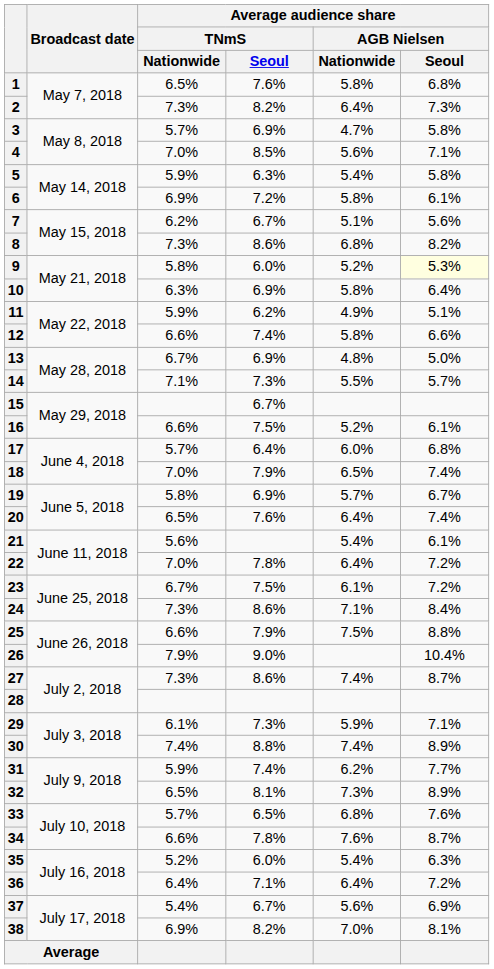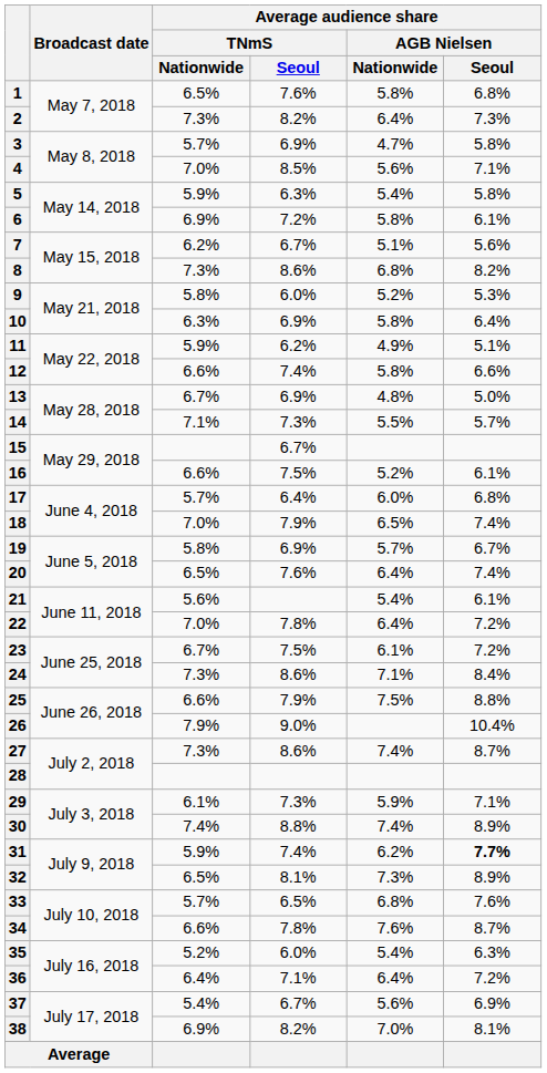 <table class="wikitable" style="text-align:center">
 <tr>
 <th rowspan="3"></th>
 <th rowspan="3">Broadcast date</th>
 <th colspan="4">Average audience share</th>
 </tr>
 <tr>
 <th colspan="2">TNmS</th>
 <th colspan="2">AGB Nielsen</th>
 </tr>
 <tr>
 <th width="90">Nationwide</th>
 <th width="90"><a href='#'>Seoul</a></th>
 <th width="90">Nationwide</th>
 <th width="90">Seoul</th>
 </tr>
 <tr>
 <th>1</th>
 <td rowspan="2">May 7, 2018</td>
 <td>6.5% </td>
 <td>7.6%</td>
 <td>5.8% </td>
 <td>6.8% </td>
 </tr>
 <tr>
 <th>2</th>
 <td>7.3% </td>
 <td>8.2%</td>
 <td>6.4% </td>
 <td>7.3% </td>
 </tr>
 <tr>
 <th>3</th>
 <td rowspan="2">May 8, 2018</td>
 <td>5.7% </td>
 <td>6.9%</td>
 <td>4.7% </td>
 <td>5.8% </td>
 </tr>
 <tr>
 <th>4</th>
 <td>7.0% </td>
 <td>8.5%</td>
 <td>5.6% </td>
 <td>7.1% </td>
 </tr>
 <tr>
 <th>5</th>
 <td rowspan="2">May 14, 2018</td>
 <td>5.9% </td>
 <td>6.3%</td>
 <td>5.4% </td>
 <td>5.8% </td>
 </tr>
 <tr>
 <th>6</th>
 <td>6.9% </td>
 <td>7.2%</td>
 <td>5.8% </td>
 <td>6.1% </td>
 </tr>
 <tr>
 <th>7</th>
 <td rowspan="2">May 15, 2018</td>
 <td>6.2% </td>
 <td>6.7%</td>
 <td>5.1% </td>
 <td>5.6% </td>
 </tr>
 <tr>
 <th>8</th>
 <td>7.3% </td>
 <td>8.6%</td>
 <td>6.8% </td>
 <td>8.2% </td>
 </tr>
 <tr>
 <th>9</th>
 <td rowspan="2">May 21, 2018</td>
 <td>5.8% </td>
 <td>6.0%</td>
 <td>5.2% </td>
-<td style="background: lightyellow;">5.3% </td>
+<td>5.3% </td>
 </tr>
 <tr>
 <th>10</th>
 <td>6.3% </td>
 <td>6.9%</td>
 <td>5.8% </td>
 <td>6.4% </td>
 </tr>
 <tr>
 <th>11</th>
 <td rowspan="2">May 22, 2018</td>
 <td>5.9% </td>
 <td>6.2%</td>
 <td>4.9% </td>
 <td>5.1% </td>
 </tr>
 <tr>
 <th>12</th>
 <td>6.6% </td>
 <td>7.4%</td>
 <td>5.8% </td>
 <td>6.6% </td>
 </tr>
 <tr>
 <th>13</th>
 <td rowspan="2">May 28, 2018</td>
 <td>6.7% </td>
 <td>6.9%</td>
 <td>4.8% </td>
 <td>5.0% </td>
 </tr>
 <tr>
 <th>14</th>
 <td>7.1% </td>
 <td>7.3%</td>
 <td>5.5% </td>
 <td>5.7% </td>
 </tr>
 <tr>
 <th>15</th>
 <td rowspan="2">May 29, 2018</td>
 <td> </td>
 <td>6.7%</td>
 <td> </td>
 <td> </td>
 </tr>
 <tr>
 <th>16</th>
 <td>6.6% </td>
 <td>7.5%</td>
 <td>5.2% </td>
 <td>6.1% </td>
 </tr>
 <tr>
 <th>17</th>
 <td rowspan="2">June 4, 2018</td>
 <td>5.7%</td>
 <td>6.4%</td>
 <td>6.0% </td>
 <td>6.8% </td>
 </tr>
 <tr>
 <th>18</th>
 <td>7.0%</td>
 <td>7.9%</td>
 <td>6.5% </td>
 <td>7.4% </td>
 </tr>
 <tr>
 <th>19</th>
 <td rowspan="2">June 5, 2018</td>
 <td>5.8%</td>
 <td>6.9%</td>
 <td>5.7% </td>
 <td>6.7% </td>
 </tr>
 <tr>
 <th>20</th>
 <td>6.5%</td>
 <td>7.6%</td>
 <td>6.4% </td>
 <td>7.4% </td>
 </tr>
 <tr>
 <th>21</th>
 <td rowspan="2">June 11, 2018</td>
 <td>5.6%</td>
 <td></td>
 <td>5.4% </td>
 <td>6.1% </td>
 </tr>
 <tr>
 <th>22</th>
 <td>7.0%</td>
 <td>7.8%</td>
 <td>6.4% </td>
 <td>7.2% </td>
 </tr>
 <tr>
 <th>23</th>
 <td rowspan="2">June 25, 2018</td>
 <td>6.7%</td>
 <td>7.5%</td>
 <td>6.1% </td>
 <td>7.2% </td>
 </tr>
 <tr>
 <th>24</th>
 <td>7.3%</td>
 <td>8.6%</td>
 <td>7.1% </td>
 <td>8.4% </td>
 </tr>
 <tr>
 <th>25</th>
 <td rowspan="2">June 26, 2018</td>
 <td>6.6%</td>
 <td>7.9%</td>
 <td>7.5% </td>
 <td>8.8% </td>
 </tr>
 <tr>
 <th>26</th>
 <td>7.9%</td>
 <td>9.0%</td>
 <td> </td>
 <td>10.4% </td>
 </tr>
 <tr>
 <th>27</th>
 <td rowspan="2">July 2, 2018</td>
 <td>7.3%</td>
 <td>8.6%</td>
 <td>7.4% </td>
 <td>8.7% </td>
 </tr>
 <tr>
 <th>28</th>
 <td></td>
 <td></td>
 <td> </td>
 <td> </td>
 </tr>
 <tr>
 <th>29</th>
 <td rowspan="2">July 3, 2018</td>
 <td>6.1%</td>
 <td>7.3%</td>
 <td>5.9% </td>
 <td>7.1% </td>
 </tr>
 <tr>
 <th>30</th>
 <td>7.4%</td>
 <td>8.8%</td>
 <td>7.4% </td>
 <td>8.9% </td>
 </tr>
 <tr>
 <th>31</th>
 <td rowspan="2">July 9, 2018</td>
 <td>5.9%</td>
 <td>7.4%</td>
 <td>6.2% </td>
-<td>7.7% </td>
+<td><strong>7.7% </strong></td>
 </tr>
 <tr>
 <th>32</th>
 <td>6.5%</td>
 <td>8.1%</td>
 <td>7.3% </td>
 <td>8.9% </td>
 </tr>
 <tr>
 <th>33</th>
 <td rowspan="2">July 10, 2018</td>
 <td>5.7%</td>
 <td>6.5%</td>
 <td>6.8% </td>
 <td>7.6% </td>
 </tr>
 <tr>
 <th>34</th>
 <td>6.6%</td>
 <td>7.8%</td>
 <td>7.6% </td>
 <td>8.7% </td>
 </tr>
 <tr>
 <th>35</th>
 <td rowspan="2">July 16, 2018</td>
 <td>5.2%</td>
 <td>6.0%</td>
 <td>5.4% </td>
 <td>6.3% </td>
 </tr>
 <tr>
 <th>36</th>
 <td>6.4%</td>
 <td>7.1%</td>
 <td>6.4% </td>
 <td>7.2% </td>
 </tr>
 <tr>
 <th>37</th>
 <td rowspan="2">July 17, 2018</td>
 <td>5.4%</td>
 <td>6.7%</td>
 <td>5.6% </td>
 <td>6.9% </td>
 </tr>
 <tr>
 <th>38</th>
 <td>6.9%</td>
 <td>8.2%</td>
 <td>7.0% </td>
 <td>8.1% </td>
 </tr>
 <tr>
 <th colspan="2">Average</th>
 <th></th>
 <th></th>
 <th></th>
 <th></th>
 </tr>
 </table>
